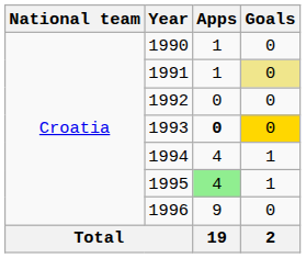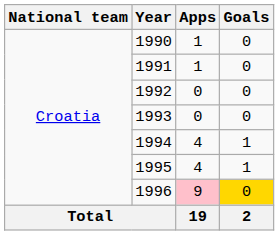 <table class="wikitable" style="text-align:center">
 <tr>
 <th>National team</th>
 <th>Year</th>
 <th>Apps</th>
 <th>Goals</th>
 </tr>
 <tr>
 <td rowspan="7"><a href='#'>Croatia</a></td>
 <td>1990</td>
 <td>1</td>
 <td>0</td>
 </tr>
 <tr>
 <td>1991</td>
 <td>1</td>
-<td style="background: khaki;">0</td>
+<td>0</td>
 </tr>
 <tr>
 <td>1992</td>
 <td>0</td>
 <td>0</td>
 </tr>
 <tr>
 <td>1993</td>
-<td><strong>0</strong></td>
-<td style="background: gold;">0</td>
+<td>0</td>
+<td>0</td>
 </tr>
 <tr>
 <td>1994</td>
 <td>4</td>
 <td>1</td>
 </tr>
 <tr>
 <td>1995</td>
-<td style="background: lightgreen;">4</td>
+<td>4</td>
 <td>1</td>
 </tr>
 <tr>
 <td>1996</td>
-<td>9</td>
-<td>0</td>
+<td style="background: pink;">9</td>
+<td style="background: gold;">0</td>
 </tr>
 <tr>
 <th colspan="2">Total</th>
 <th>19</th>
 <th>2</th>
 </tr>
 </table>
